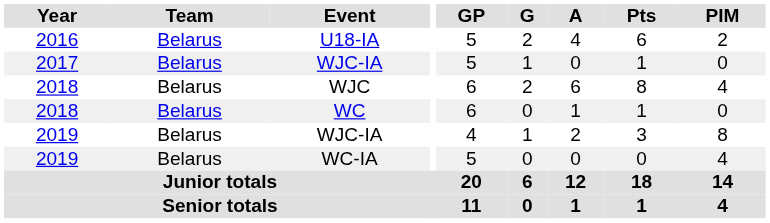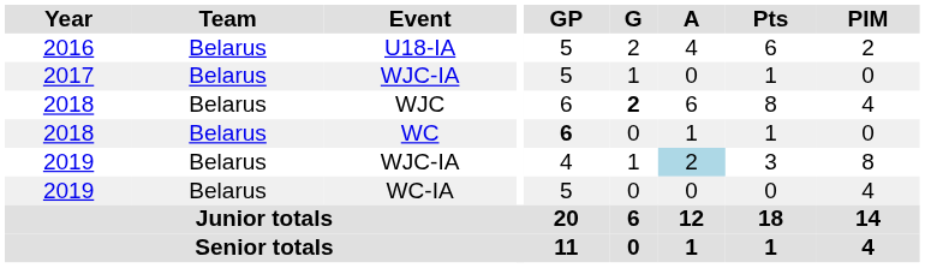 <table border="0" cellpadding="1" cellspacing="0" ID="Table3" style="text-align:center; width:40em">
 <tr bgcolor="#e0e0e0">
 <th>Year</th>
 <th>Team</th>
 <th>Event</th>
 <th rowspan="102" bgcolor="#ffffff"></th>
 <th>GP</th>
 <th>G</th>
 <th>A</th>
 <th>Pts</th>
 <th>PIM</th>
 </tr>
 <tr>
 <td><a href='#'>2016</a></td>
 <td><a href='#'>Belarus</a></td>
 <td><a href='#'>U18-IA</a></td>
 <td>5</td>
 <td>2</td>
 <td>4</td>
 <td>6</td>
 <td>2</td>
 </tr>
 <tr bgcolor="#f0f0f0">
 <td><a href='#'>2017</a></td>
 <td><a href='#'>Belarus</a></td>
 <td><a href='#'>WJC-IA</a></td>
 <td>5</td>
 <td>1</td>
 <td>0</td>
 <td>1</td>
 <td>0</td>
 </tr>
 <tr>
 <td><a href='#'>2018</a></td>
 <td>Belarus</td>
 <td>WJC</td>
 <td>6</td>
-<td>2</td>
+<td><strong>2</strong></td>
 <td>6</td>
 <td>8</td>
 <td>4</td>
 </tr>
 <tr bgcolor="#f0f0f0">
 <td><a href='#'>2018</a></td>
 <td><a href='#'>Belarus</a></td>
 <td><a href='#'>WC</a></td>
-<td>6</td>
+<td><strong>6</strong></td>
 <td>0</td>
 <td>1</td>
 <td>1</td>
 <td>0</td>
 </tr>
 <tr>
 <td><a href='#'>2019</a></td>
 <td>Belarus</td>
 <td>WJC-IA</td>
 <td>4</td>
 <td>1</td>
-<td>2</td>
+<td style="background: lightblue;">2</td>
 <td>3</td>
 <td>8</td>
 </tr>
 <tr bgcolor="#f0f0f0">
 <td><a href='#'>2019</a></td>
 <td>Belarus</td>
 <td>WC-IA</td>
 <td>5</td>
 <td>0</td>
 <td>0</td>
 <td>0</td>
 <td>4</td>
 </tr>
 <tr bgcolor="#e0e0e0">
 <th colspan="4">Junior totals</th>
 <th>20</th>
 <th>6</th>
 <th>12</th>
 <th>18</th>
 <th>14</th>
 </tr>
 <tr bgcolor="#e0e0e0">
 <th colspan="4">Senior totals</th>
 <th>11</th>
 <th>0</th>
 <th>1</th>
 <th>1</th>
 <th>4</th>
 </tr>
 </table>
